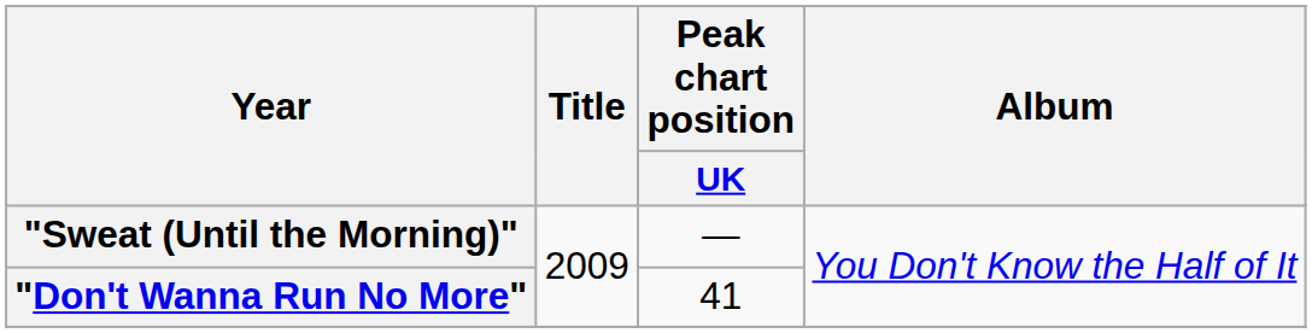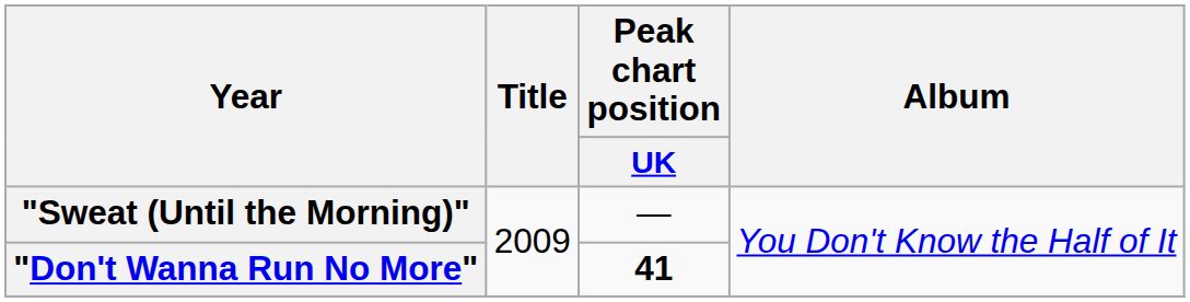 <table class="wikitable plainrowheaders" style="text-align:center">
 <tr>
 <th scope="col" rowspan="2">Year</th>
 <th scope="col" rowspan="2">Title</th>
 <th scope="col" colspan="1">Peak chart position</th>
 <th scope="col" rowspan="2">Album</th>
 </tr>
 <tr>
 <th scope="col" style="width:3em;font-size:90%;"><a href='#'>UK</a></th>
 </tr>
 <tr>
 <th scope="row">"Sweat (Until the Morning)"</th>
 <td rowspan="2">2009</td>
 <td>—</td>
 <td rowspan="2"><em><a href='#'>You Don't Know the Half of It</a></em></td>
 </tr>
 <tr>
 <th scope="row">"<a href='#'>Don't Wanna Run No More</a>"</th>
-<td>41</td>
+<td><strong>41</strong></td>
 </tr>
 <tr>
 </tr>
 </table>
